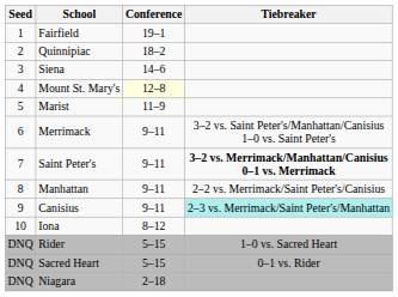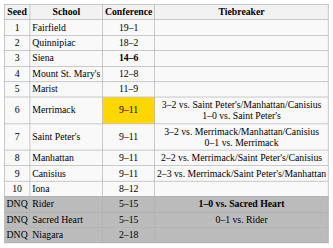 <table class="wikitable" style="text-align:center">
 <tr>
 <th>Seed</th>
 <th>School</th>
 <th>Conference</th>
 <th>Tiebreaker</th>
 </tr>
 <tr>
 <td>1</td>
 <td align=left>Fairfield</td>
 <td>19–1</td>
 <td></td>
 </tr>
 <tr>
 <td>2</td>
 <td align=left>Quinnipiac</td>
 <td>18–2</td>
 <td></td>
 </tr>
 <tr>
 <td>3</td>
 <td align=left>Siena</td>
-<td>14–6</td>
+<td><strong>14–6</strong></td>
 <td></td>
 </tr>
 <tr>
 <td>4</td>
 <td align=left>Mount St. Mary's</td>
-<td style="background: lightyellow;">12–8</td>
+<td>12–8</td>
 <td></td>
 </tr>
 <tr>
 <td>5</td>
 <td align=left>Marist</td>
 <td>11–9</td>
 <td></td>
 </tr>
 <tr>
 <td>6</td>
 <td align=left>Merrimack</td>
-<td>9–11</td>
+<td style="background: gold;">9–11</td>
 <td>3–2 vs. Saint Peter's/Manhattan/Canisius<br>1–0 vs. Saint Peter's</td>
 </tr>
 <tr>
 <td>7</td>
 <td align=left>Saint Peter's</td>
 <td>9–11</td>
-<td><strong>3–2 vs. Merrimack/Manhattan/Canisius<br>0–1 vs. Merrimack</strong></td>
+<td>3–2 vs. Merrimack/Manhattan/Canisius<br>0–1 vs. Merrimack</td>
 </tr>
 <tr>
 <td>8</td>
 <td align=left>Manhattan</td>
 <td>9–11</td>
 <td>2–2 vs. Merrimack/Saint Peter's/Canisius</td>
 </tr>
 <tr>
 <td>9</td>
 <td align=left>Canisius</td>
 <td>9–11</td>
-<td style="background: paleturquoise;">2–3 vs. Merrimack/Saint Peter's/Manhattan</td>
+<td>2–3 vs. Merrimack/Saint Peter's/Manhattan</td>
 </tr>
 <tr>
 <td>10</td>
 <td align=left>Iona</td>
 <td>8–12</td>
 <td></td>
 </tr>
 <tr>
 </tr>
 <tr bgcolor="#bbbbbb">
 <td>DNQ</td>
 <td align="left">Rider</td>
 <td>5–15</td>
-<td>1–0 vs. Sacred Heart</td>
+<td><strong>1–0 vs. Sacred Heart</strong></td>
 </tr>
 <tr bgcolor="#bbbbbb">
 <td>DNQ</td>
 <td align="left">Sacred Heart</td>
 <td>5–15</td>
 <td>0–1 vs. Rider</td>
 </tr>
 <tr bgcolor="#bbbbbb">
 <td>DNQ</td>
 <td align="left">Niagara</td>
 <td>2–18</td>
 <td></td>
 </tr>
 </table>
